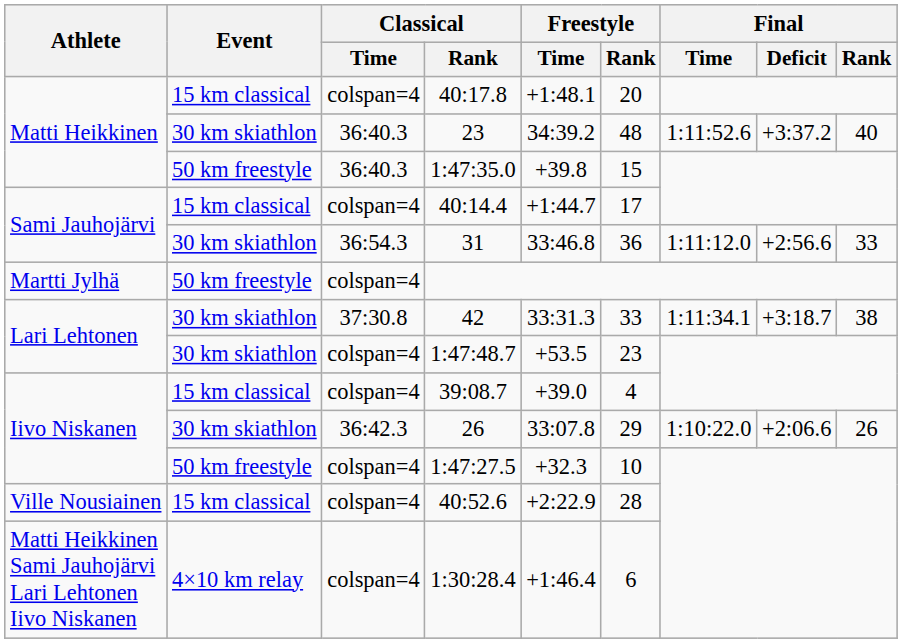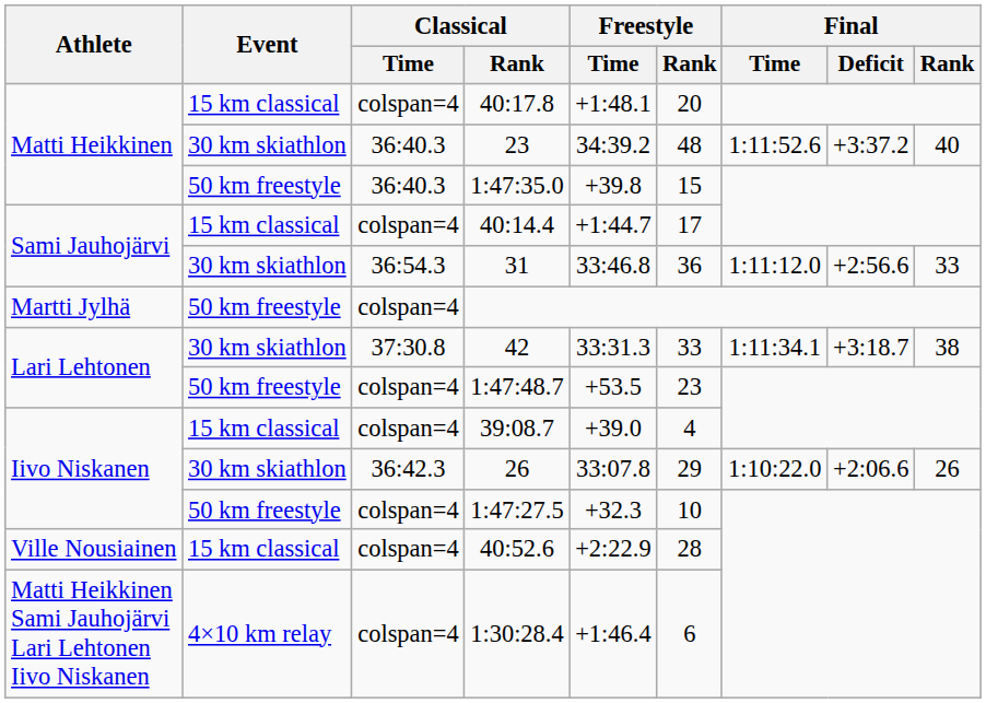 <table class="wikitable" style="font-size:90%">
 <tr>
 <th rowspan=2>Athlete</th>
 <th rowspan=2>Event</th>
 <th colspan=2>Classical</th>
 <th colspan=2>Freestyle</th>
 <th colspan=3>Final</th>
 </tr>
 <tr style="font-size: 95%">
 <th>Time</th>
 <th>Rank</th>
 <th>Time</th>
 <th>Rank</th>
 <th>Time</th>
 <th>Deficit</th>
 <th>Rank</th>
 </tr>
 <tr align=center>
 <td align=left rowspan=3><a href='#'>Matti Heikkinen</a></td>
 <td align=left><a href='#'>15 km classical</a></td>
 <td>colspan=4 </td>
 <td>40:17.8</td>
 <td>+1:48.1</td>
 <td>20</td>
 </tr>
 <tr align=center>
 <td align=left><a href='#'>30 km skiathlon</a></td>
 <td>36:40.3</td>
 <td>23</td>
 <td>34:39.2</td>
 <td>48</td>
 <td>1:11:52.6</td>
 <td>+3:37.2</td>
 <td>40</td>
 </tr>
 <tr align=center>
 <td align=left><a href='#'>50 km freestyle</a></td>
 <td>36:40.3</td>
 <td>1:47:35.0</td>
 <td>+39.8</td>
 <td>15</td>
 </tr>
 <tr align=center>
 <td align=left rowspan=2><a href='#'>Sami Jauhojärvi</a></td>
 <td align=left><a href='#'>15 km classical</a></td>
 <td>colspan=4 </td>
 <td>40:14.4</td>
 <td>+1:44.7</td>
 <td>17</td>
 </tr>
 <tr align=center>
 <td align=left><a href='#'>30 km skiathlon</a></td>
 <td>36:54.3</td>
 <td>31</td>
 <td>33:46.8</td>
 <td>36</td>
 <td>1:11:12.0</td>
 <td>+2:56.6</td>
 <td>33</td>
 </tr>
 <tr align=center>
 <td align=left><a href='#'>Martti Jylhä</a></td>
 <td align=left><a href='#'>50 km freestyle</a></td>
 <td>colspan=4 </td>
 <td colspan=6></td>
 </tr>
 <tr align=center>
 <td align=left rowspan=2><a href='#'>Lari Lehtonen</a></td>
 <td align=left><a href='#'>30 km skiathlon</a></td>
 <td>37:30.8</td>
 <td>42</td>
 <td>33:31.3</td>
 <td>33</td>
 <td>1:11:34.1</td>
 <td>+3:18.7</td>
 <td>38</td>
 </tr>
 <tr align=center>
-<td align=left><a href='#'>30 km skiathlon</a></td>
+<td align=left><a href='#'>50 km freestyle</a></td>
 <td>colspan=4 </td>
 <td>1:47:48.7</td>
 <td>+53.5</td>
 <td>23</td>
 </tr>
 <tr align=center>
 <td align=left rowspan=3><a href='#'>Iivo Niskanen</a></td>
 <td align=left><a href='#'>15 km classical</a></td>
 <td>colspan=4 </td>
 <td>39:08.7</td>
 <td>+39.0</td>
 <td>4</td>
 </tr>
 <tr align=center>
 <td align=left><a href='#'>30 km skiathlon</a></td>
 <td>36:42.3</td>
 <td>26</td>
 <td>33:07.8</td>
 <td>29</td>
 <td>1:10:22.0</td>
 <td>+2:06.6</td>
 <td>26</td>
 </tr>
 <tr align=center>
 <td align=left><a href='#'>50 km freestyle</a></td>
 <td>colspan=4 </td>
 <td>1:47:27.5</td>
 <td>+32.3</td>
 <td>10</td>
 </tr>
 <tr align=center>
 <td align=left><a href='#'>Ville Nousiainen</a></td>
 <td align=left><a href='#'>15 km classical</a></td>
 <td>colspan=4 </td>
 <td>40:52.6</td>
 <td>+2:22.9</td>
 <td>28</td>
 </tr>
 <tr align=center>
 <td align=left><a href='#'>Matti Heikkinen</a><br><a href='#'>Sami Jauhojärvi</a><br><a href='#'>Lari Lehtonen</a><br><a href='#'>Iivo Niskanen</a></td>
 <td align=left><a href='#'>4×10 km relay</a></td>
 <td>colspan=4 </td>
 <td>1:30:28.4</td>
 <td>+1:46.4</td>
 <td>6</td>
 </tr>
 </table>
